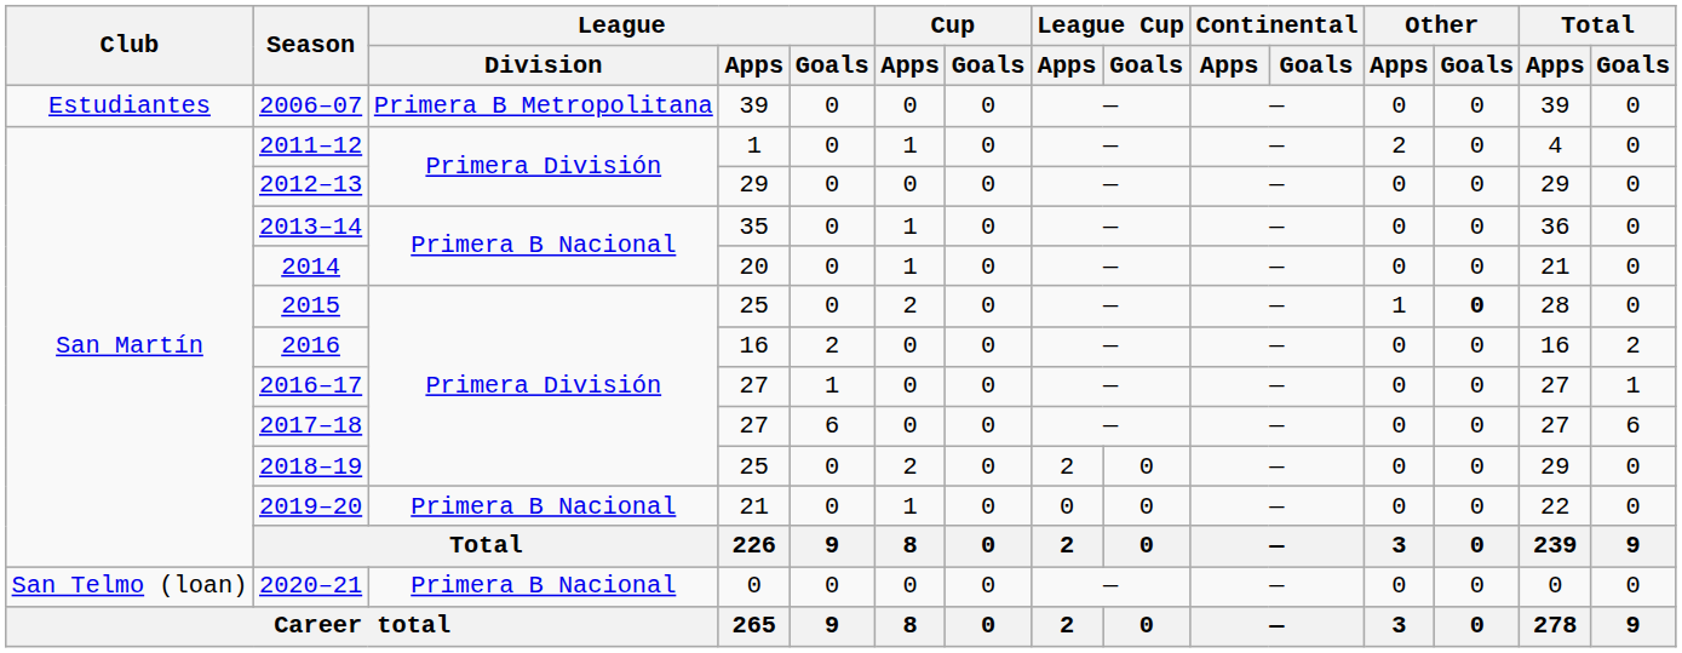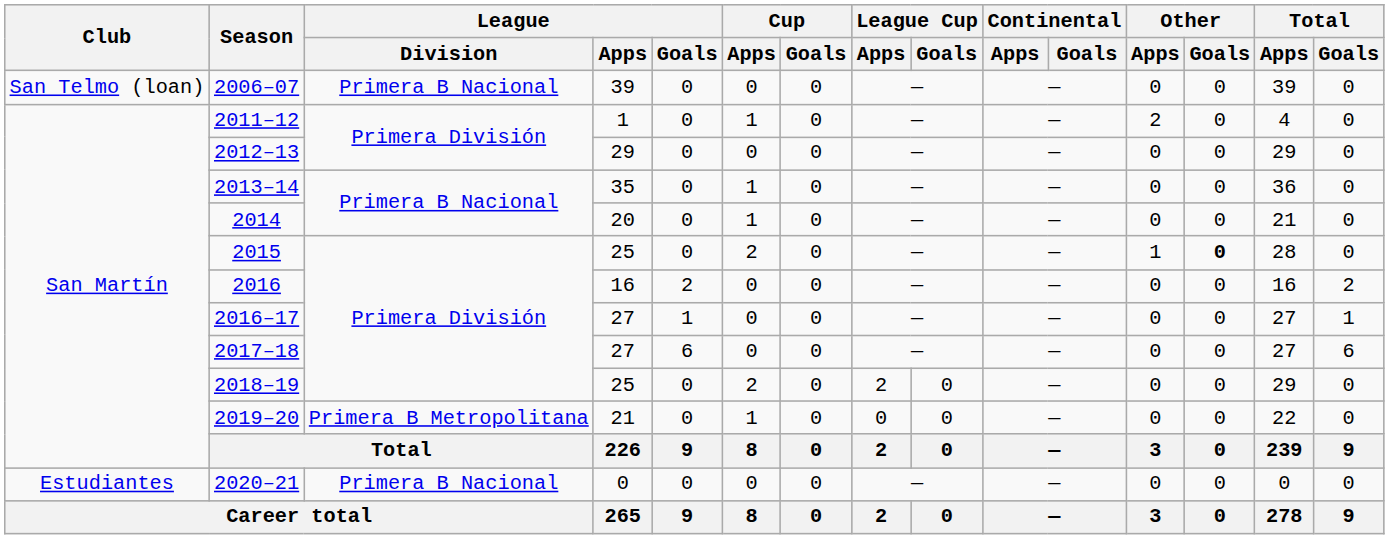 <table class="wikitable" style="text-align:center">
 <tr>
 <th rowspan="2">Club</th>
 <th rowspan="2">Season</th>
 <th colspan="3">League</th>
 <th colspan="2">Cup</th>
 <th colspan="2">League Cup</th>
 <th colspan="2">Continental</th>
 <th colspan="2">Other</th>
 <th colspan="2">Total</th>
 </tr>
 <tr>
 <th>Division</th>
 <th>Apps</th>
 <th>Goals</th>
 <th>Apps</th>
 <th>Goals</th>
 <th>Apps</th>
 <th>Goals</th>
 <th>Apps</th>
 <th>Goals</th>
 <th>Apps</th>
 <th>Goals</th>
 <th>Apps</th>
 <th>Goals</th>
 </tr>
 <tr>
-<td rowspan="1"><a href='#'>Estudiantes</a></td>
+<td rowspan="1"><a href='#'>San Telmo</a> (loan)</td>
 <td><a href='#'>2006–07</a></td>
-<td rowspan="1"><a href='#'>Primera B Metropolitana</a></td>
+<td rowspan="1"><a href='#'>Primera B Nacional</a></td>
 <td>39</td>
 <td>0</td>
 <td>0</td>
 <td>0</td>
 <td colspan="2">—</td>
 <td colspan="2">—</td>
 <td>0</td>
 <td>0</td>
 <td>39</td>
 <td>0</td>
 </tr>
 <tr>
 <td rowspan="11"><a href='#'>San Martín</a></td>
 <td><a href='#'>2011–12</a></td>
 <td rowspan="2"><a href='#'>Primera División</a></td>
 <td>1</td>
 <td>0</td>
 <td>1</td>
 <td>0</td>
 <td colspan="2">—</td>
 <td colspan="2">—</td>
 <td>2</td>
 <td>0</td>
 <td>4</td>
 <td>0</td>
 </tr>
 <tr>
 <td><a href='#'>2012–13</a></td>
 <td>29</td>
 <td>0</td>
 <td>0</td>
 <td>0</td>
 <td colspan="2">—</td>
 <td colspan="2">—</td>
 <td>0</td>
 <td>0</td>
 <td>29</td>
 <td>0</td>
 </tr>
 <tr>
 <td><a href='#'>2013–14</a></td>
 <td rowspan="2"><a href='#'>Primera B Nacional</a></td>
 <td>35</td>
 <td>0</td>
 <td>1</td>
 <td>0</td>
 <td colspan="2">—</td>
 <td colspan="2">—</td>
 <td>0</td>
 <td>0</td>
 <td>36</td>
 <td>0</td>
 </tr>
 <tr>
 <td><a href='#'>2014</a></td>
 <td>20</td>
 <td>0</td>
 <td>1</td>
 <td>0</td>
 <td colspan="2">—</td>
 <td colspan="2">—</td>
 <td>0</td>
 <td>0</td>
 <td>21</td>
 <td>0</td>
 </tr>
 <tr>
 <td><a href='#'>2015</a></td>
 <td rowspan="5"><a href='#'>Primera División</a></td>
 <td>25</td>
 <td>0</td>
 <td>2</td>
 <td>0</td>
 <td colspan="2">—</td>
 <td colspan="2">—</td>
 <td>1</td>
 <td><strong>0</strong></td>
 <td>28</td>
 <td>0</td>
 </tr>
 <tr>
 <td><a href='#'>2016</a></td>
 <td>16</td>
 <td>2</td>
 <td>0</td>
 <td>0</td>
 <td colspan="2">—</td>
 <td colspan="2">—</td>
 <td>0</td>
 <td>0</td>
 <td>16</td>
 <td>2</td>
 </tr>
 <tr>
 <td><a href='#'>2016–17</a></td>
 <td>27</td>
 <td>1</td>
 <td>0</td>
 <td>0</td>
 <td colspan="2">—</td>
 <td colspan="2">—</td>
 <td>0</td>
 <td>0</td>
 <td>27</td>
 <td>1</td>
 </tr>
 <tr>
 <td><a href='#'>2017–18</a></td>
 <td>27</td>
 <td>6</td>
 <td>0</td>
 <td>0</td>
 <td colspan="2">—</td>
 <td colspan="2">—</td>
 <td>0</td>
 <td>0</td>
 <td>27</td>
 <td>6</td>
 </tr>
 <tr>
 <td><a href='#'>2018–19</a></td>
 <td>25</td>
 <td>0</td>
 <td>2</td>
 <td>0</td>
 <td>2</td>
 <td>0</td>
 <td colspan="2">—</td>
 <td>0</td>
 <td>0</td>
 <td>29</td>
 <td>0</td>
 </tr>
 <tr>
 <td><a href='#'>2019–20</a></td>
-<td rowspan="1"><a href='#'>Primera B Nacional</a></td>
+<td rowspan="1"><a href='#'>Primera B Metropolitana</a></td>
 <td>21</td>
 <td>0</td>
 <td>1</td>
 <td>0</td>
 <td>0</td>
 <td>0</td>
 <td colspan="2">—</td>
 <td>0</td>
 <td>0</td>
 <td>22</td>
 <td>0</td>
 </tr>
 <tr>
 <th colspan="2">Total</th>
 <th>226</th>
 <th>9</th>
 <th>8</th>
 <th>0</th>
 <th>2</th>
 <th>0</th>
 <th colspan="2">—</th>
 <th>3</th>
 <th>0</th>
 <th>239</th>
 <th>9</th>
 </tr>
 <tr>
-<td rowspan="1"><a href='#'>San Telmo</a> (loan)</td>
+<td rowspan="1"><a href='#'>Estudiantes</a></td>
 <td><a href='#'>2020–21</a></td>
 <td rowspan="1"><a href='#'>Primera B Nacional</a></td>
 <td>0</td>
 <td>0</td>
 <td>0</td>
 <td>0</td>
 <td colspan="2">—</td>
 <td colspan="2">—</td>
 <td>0</td>
 <td>0</td>
 <td>0</td>
 <td>0</td>
 </tr>
 <tr>
 <th colspan="3">Career total</th>
 <th>265</th>
 <th>9</th>
 <th>8</th>
 <th>0</th>
 <th>2</th>
 <th>0</th>
 <th colspan="2">—</th>
 <th>3</th>
 <th>0</th>
 <th>278</th>
 <th>9</th>
 </tr>
 </table>
